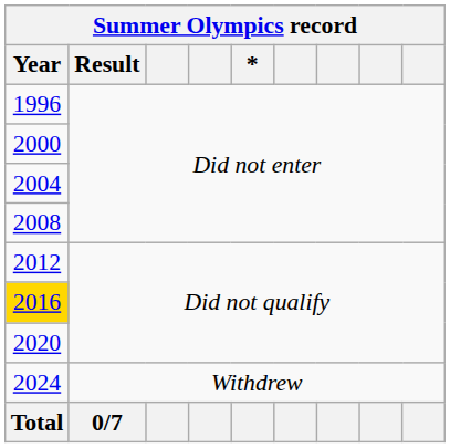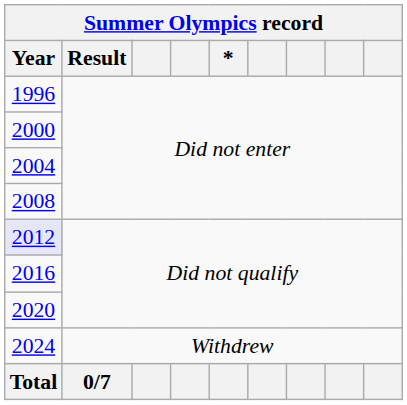 <table class="wikitable" style="text-align: center;font-size:95%;">
 <tr>
 <th colspan=9><a href='#'>Summer Olympics</a> record</th>
 </tr>
 <tr>
 <th>Year</th>
 <th>Result</th>
 <th width=20></th>
 <th width=20></th>
 <th width=20>*</th>
 <th width=20></th>
 <th width=20></th>
 <th width=20></th>
 <th width=20></th>
 </tr>
 <tr>
 <td> <a href='#'>1996</a></td>
 <td colspan=8 rowspan=4><em>Did not enter</em></td>
 </tr>
 <tr>
 <td> <a href='#'>2000</a></td>
 </tr>
 <tr>
 <td> <a href='#'>2004</a></td>
 </tr>
 <tr>
 <td> <a href='#'>2008</a></td>
 </tr>
 <tr>
-<td> <a href='#'>2012</a></td>
+<td style="background: lavender;"> <a href='#'>2012</a></td>
 <td colspan=8 rowspan=3><em>Did not qualify</em></td>
 </tr>
 <tr>
-<td style="background: gold;"> <a href='#'>2016</a></td>
+<td> <a href='#'>2016</a></td>
 </tr>
 <tr>
 <td> <a href='#'>2020</a></td>
 </tr>
 <tr>
 <td> <a href='#'>2024</a></td>
 <td colspan=9><em>Withdrew</em></td>
 </tr>
 <tr>
 <th>Total</th>
 <th>0/7</th>
 <th></th>
 <th></th>
 <th></th>
 <th></th>
 <th></th>
 <th></th>
 <th></th>
 </tr>
 </table>
